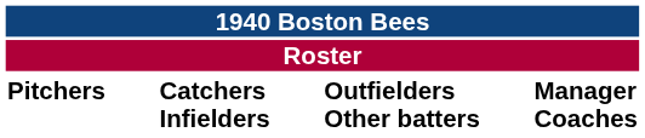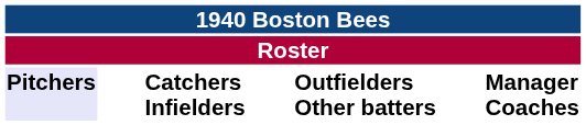 <table class="toccolours" style="font-size: 95%;">
 <tr>
 <th colspan="10" style="background-color: #0f437c; color: white; text-align: center;">1940 Boston Bees</th>
 </tr>
 <tr>
 <td colspan="10" style="background-color: #af0039; color: white; text-align: center;"><strong>Roster</strong></td>
 </tr>
 <tr>
-<td valign="top"><strong>Pitchers</strong><br>                </td>
+<td valign="top" style="background: lavender;"><strong>Pitchers</strong><br>                </td>
 <td width="25px"></td>
 <td valign="top"><strong>Catchers</strong><br>     <strong>Infielders</strong>          </td>
 <td width="25px"></td>
 <td valign="top"><strong>Outfielders</strong><br>        <strong>Other batters</strong> </td>
 <td width="25px"></td>
 <td valign="top"><strong>Manager</strong><br> <strong>Coaches</strong>  </td>
 </tr>
 </table>
